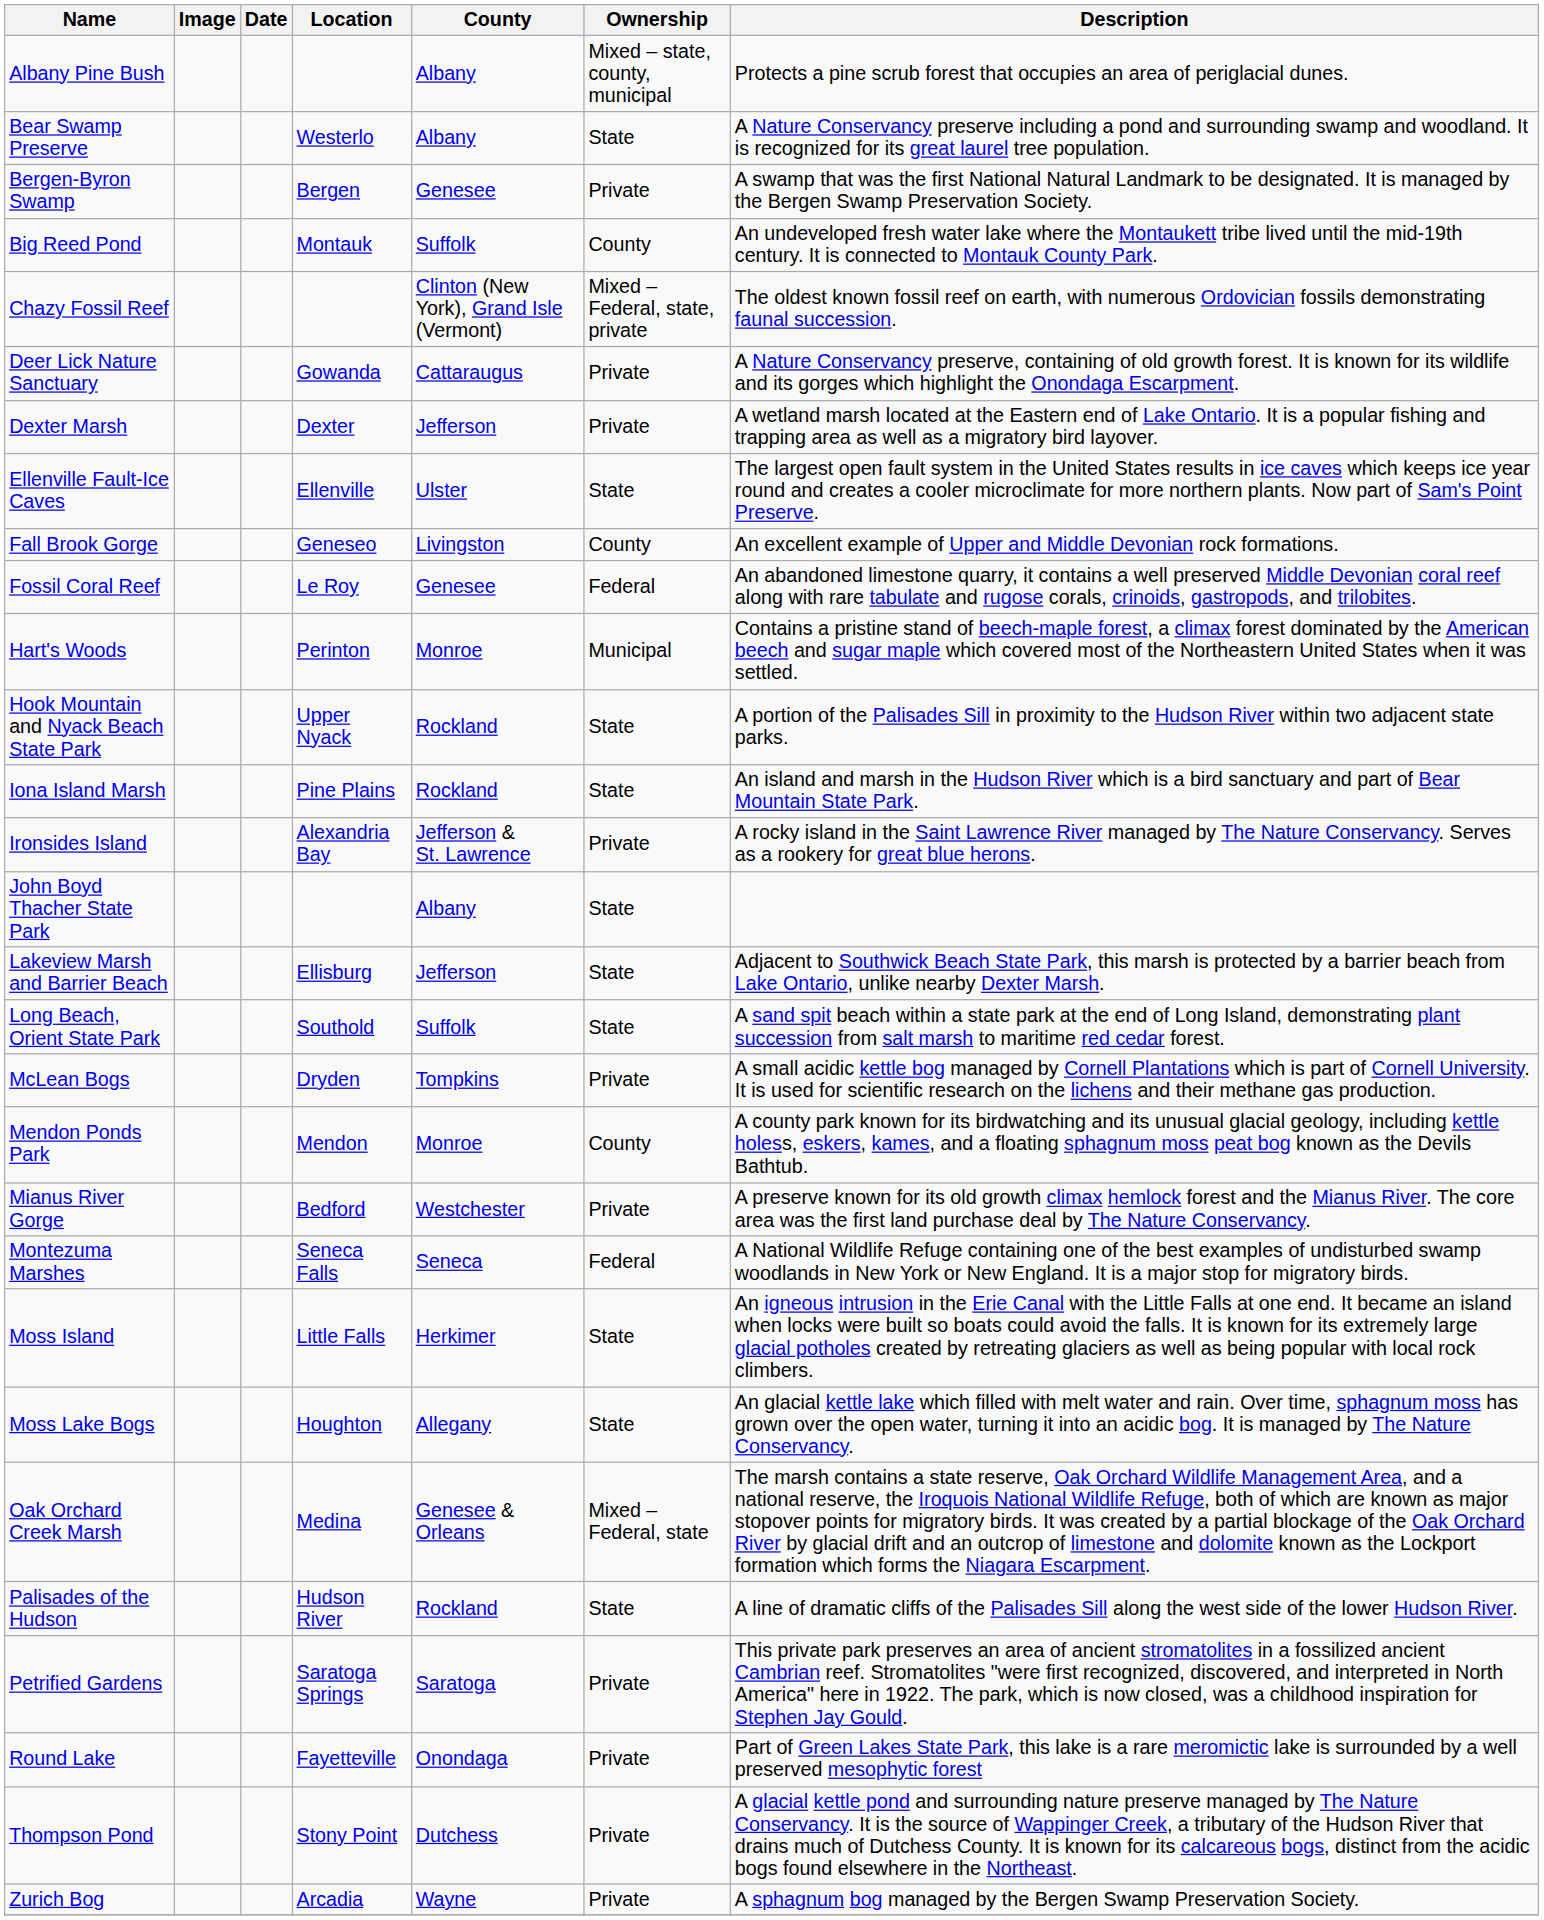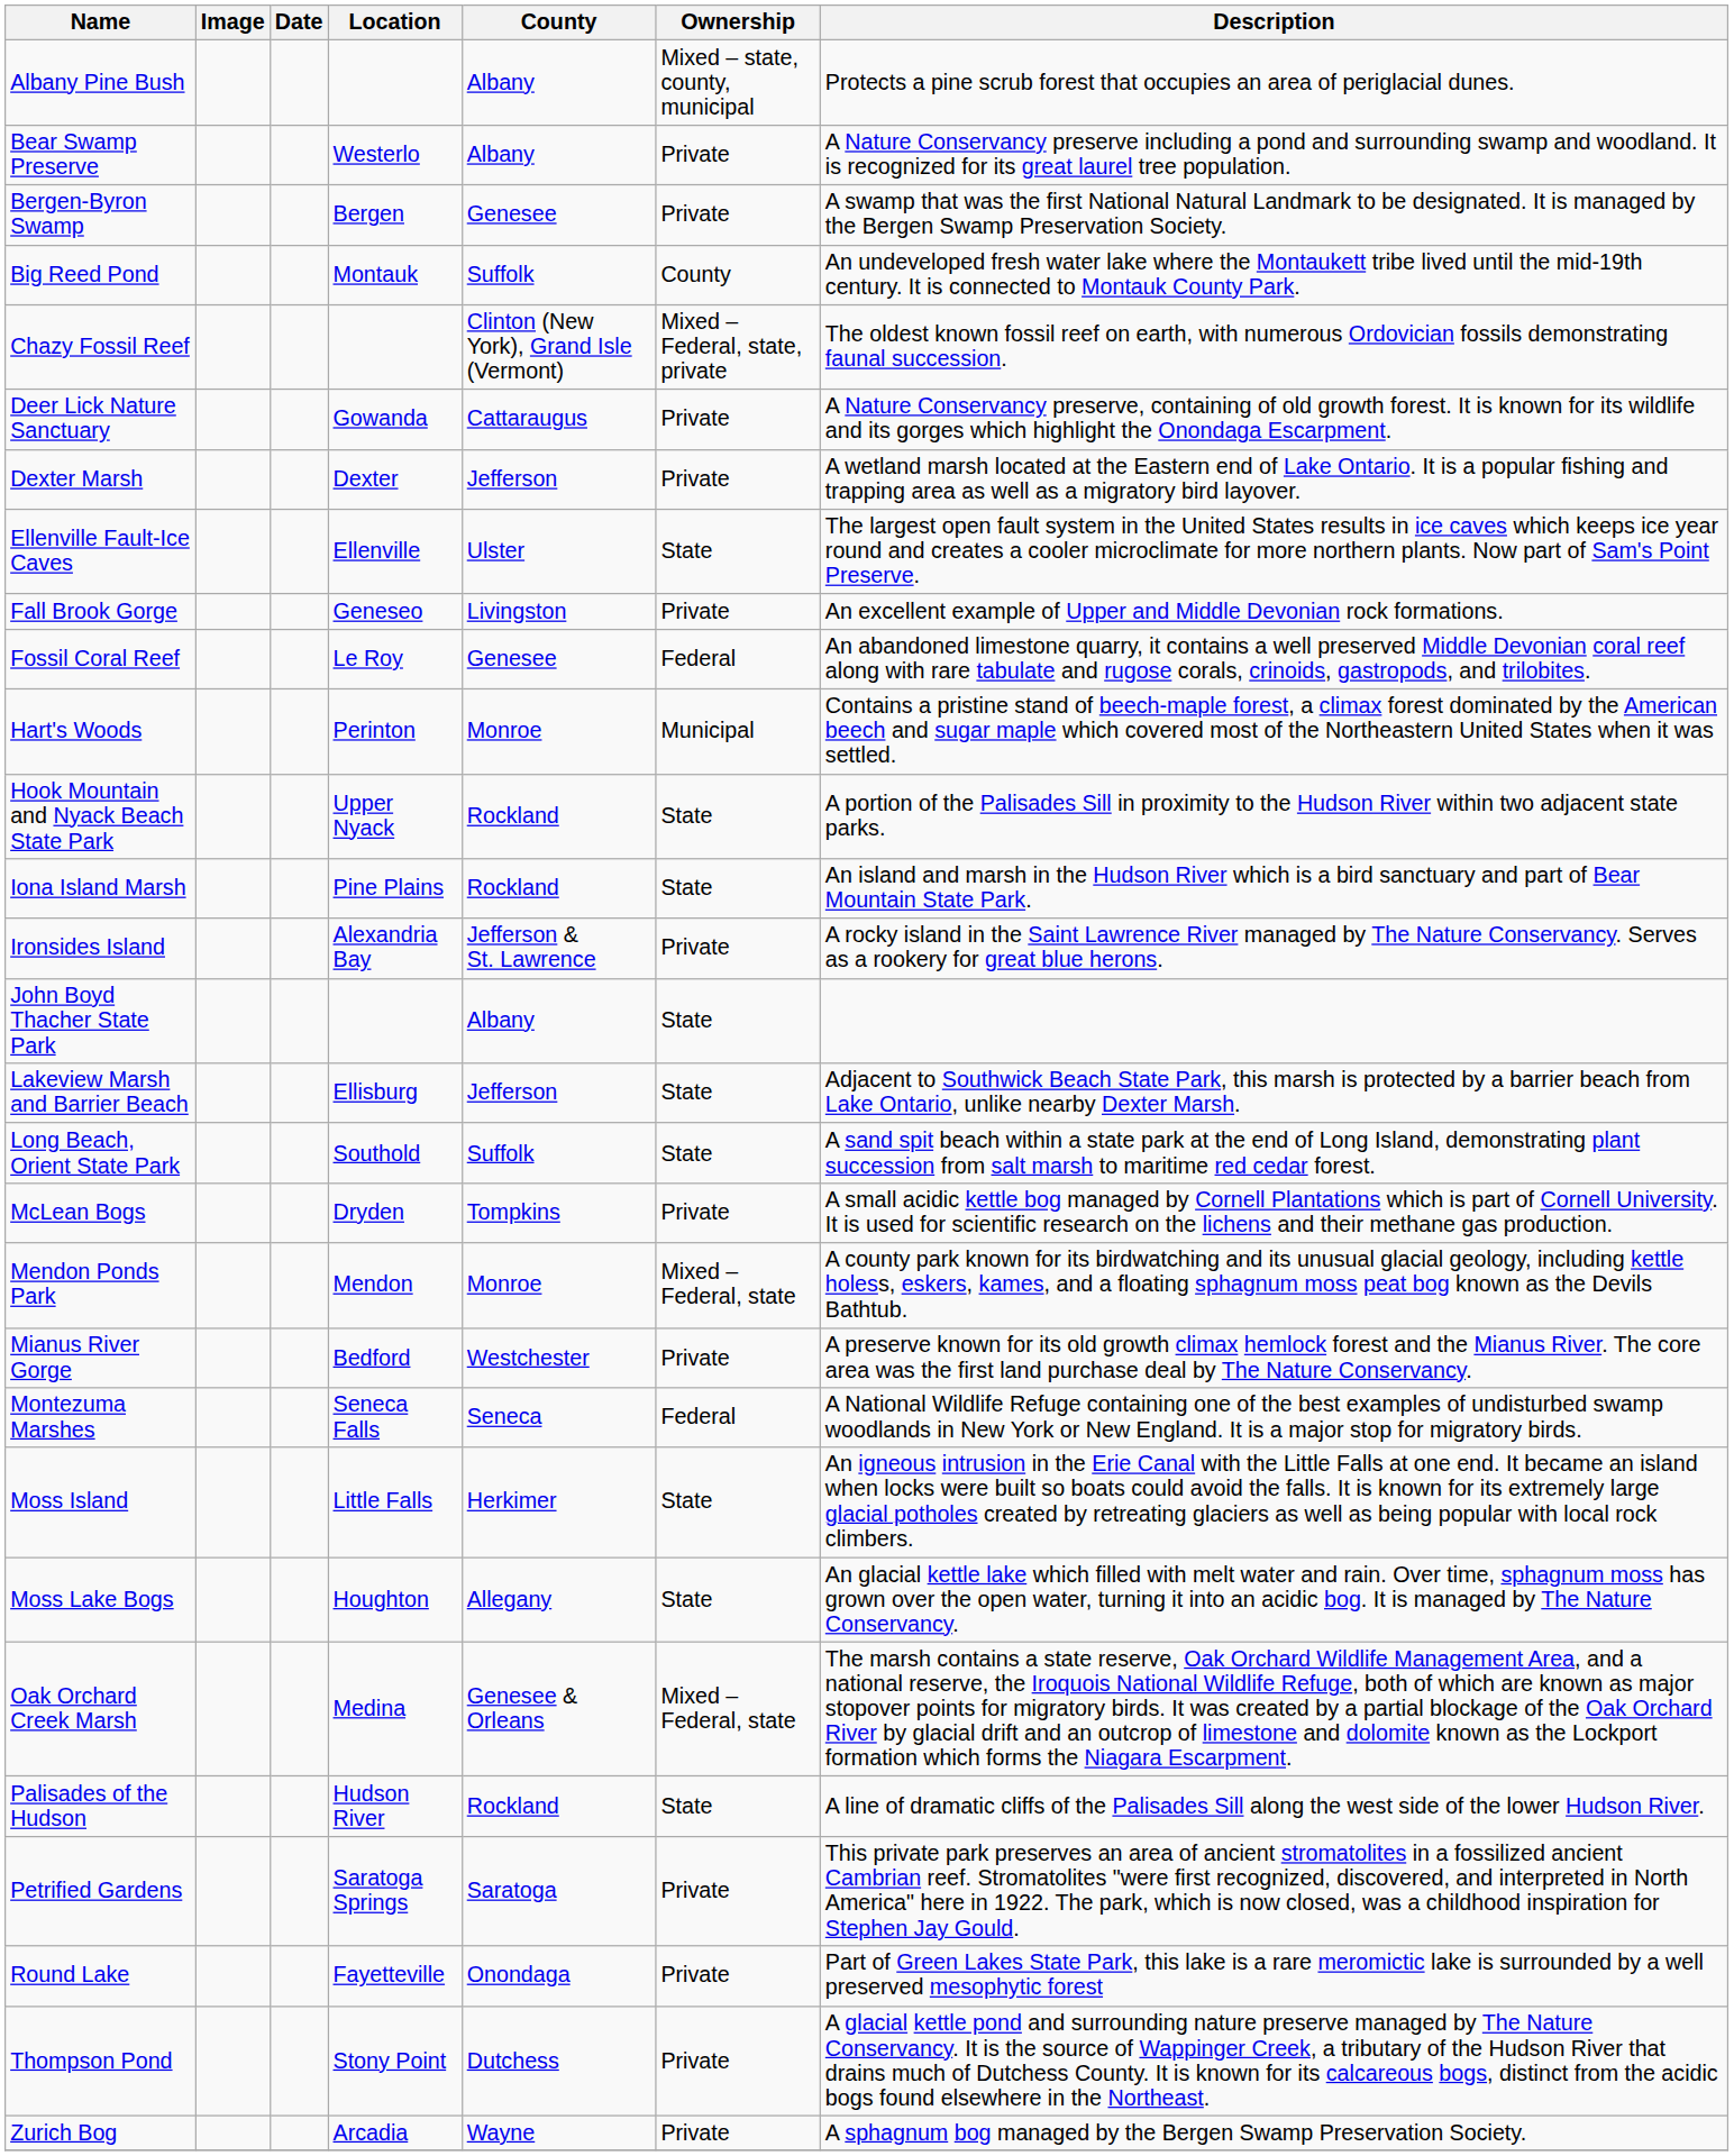 <table class="wikitable sortable" align="center">
 <tr>
 <th style="background-color:">Name</th>
 <th style="background-color:">Image</th>
 <th style="background-color:">Date</th>
 <th style="background-color:">Location</th>
 <th style="background-color:">County</th>
 <th style="background-color:">Ownership</th>
 <th style="background-color:">Description</th>
 </tr>
 <tr>
 <td><a href='#'>Albany Pine Bush</a></td>
 <td></td>
 <td></td>
 <td></td>
 <td><a href='#'>Albany</a></td>
 <td>Mixed – state, county, municipal</td>
 <td>Protects a pine scrub forest that occupies an area of periglacial dunes.</td>
 </tr>
 <tr>
 <td><a href='#'>Bear Swamp Preserve</a></td>
 <td></td>
 <td></td>
 <td><a href='#'>Westerlo</a> <small></small></td>
 <td><a href='#'>Albany</a></td>
-<td>State</td>
+<td>Private</td>
 <td>A  <a href='#'>Nature Conservancy</a> preserve including a pond and surrounding swamp and woodland. It is recognized for its <a href='#'>great laurel</a> tree population.</td>
 </tr>
 <tr>
 <td><a href='#'>Bergen-Byron Swamp</a></td>
 <td></td>
 <td></td>
 <td><a href='#'>Bergen</a> <small></small></td>
 <td><a href='#'>Genesee</a></td>
 <td>Private</td>
 <td>A  swamp that was the first National Natural Landmark to be designated.  It is managed by the Bergen Swamp Preservation Society.</td>
 </tr>
 <tr>
 <td><a href='#'>Big Reed Pond</a></td>
 <td></td>
 <td></td>
 <td><a href='#'>Montauk</a> <small></small></td>
 <td><a href='#'>Suffolk</a></td>
 <td>County</td>
 <td>An undeveloped fresh water lake where the <a href='#'>Montaukett</a> tribe lived until the mid-19th century.  It is connected to <a href='#'>Montauk County Park</a>.</td>
 </tr>
 <tr>
 <td><a href='#'>Chazy Fossil Reef</a></td>
 <td></td>
 <td></td>
 <td></td>
 <td><a href='#'>Clinton</a> (New York), <a href='#'>Grand Isle</a> (Vermont)</td>
 <td>Mixed – Federal, state, private</td>
 <td>The oldest known fossil reef on earth, with numerous <a href='#'>Ordovician</a> fossils demonstrating <a href='#'>faunal succession</a>.</td>
 </tr>
 <tr>
 <td><a href='#'>Deer Lick Nature Sanctuary</a></td>
 <td></td>
 <td></td>
 <td><a href='#'>Gowanda</a> <small></small></td>
 <td><a href='#'>Cattaraugus</a></td>
 <td>Private</td>
 <td>A  <a href='#'>Nature Conservancy</a> preserve, containing  of old growth forest.  It is known for its wildlife and its gorges which highlight the <a href='#'>Onondaga Escarpment</a>.</td>
 </tr>
 <tr>
 <td><a href='#'>Dexter Marsh</a></td>
 <td></td>
 <td></td>
 <td><a href='#'>Dexter</a> <small></small></td>
 <td><a href='#'>Jefferson</a></td>
 <td>Private</td>
 <td>A  wetland marsh located at the Eastern end of <a href='#'>Lake Ontario</a>.  It is a popular fishing and trapping area as well as a migratory bird layover.</td>
 </tr>
 <tr>
 <td><a href='#'>Ellenville Fault-Ice Caves</a></td>
 <td></td>
 <td></td>
 <td><a href='#'>Ellenville</a> <small></small></td>
 <td><a href='#'>Ulster</a></td>
 <td>State</td>
 <td>The largest open fault system in the United States results in <a href='#'>ice caves</a> which keeps ice year round and creates a cooler microclimate for more northern plants.  Now part of <a href='#'>Sam's Point Preserve</a>.</td>
 </tr>
 <tr>
 <td><a href='#'>Fall Brook Gorge</a></td>
 <td></td>
 <td></td>
 <td><a href='#'>Geneseo</a> <small></small></td>
 <td><a href='#'>Livingston</a></td>
-<td>County</td>
+<td>Private</td>
 <td>An excellent example of <a href='#'>Upper and Middle Devonian</a> rock formations.</td>
 </tr>
 <tr>
 <td><a href='#'>Fossil Coral Reef</a></td>
 <td></td>
 <td></td>
 <td><a href='#'>Le Roy</a></td>
 <td><a href='#'>Genesee</a></td>
 <td>Federal</td>
 <td>An abandoned limestone quarry, it contains a well preserved <a href='#'>Middle Devonian</a> <a href='#'>coral reef</a> along with rare <a href='#'>tabulate</a> and <a href='#'>rugose</a> corals, <a href='#'>crinoids</a>, <a href='#'>gastropods</a>, and <a href='#'>trilobites</a>.</td>
 </tr>
 <tr>
 <td><a href='#'>Hart's Woods</a></td>
 <td></td>
 <td></td>
 <td><a href='#'>Perinton</a> <small></small></td>
 <td><a href='#'>Monroe</a></td>
 <td>Municipal</td>
 <td>Contains a pristine stand of <a href='#'>beech-maple forest</a>, a <a href='#'>climax</a> forest dominated by the <a href='#'>American beech</a> and <a href='#'>sugar maple</a> which covered most of the Northeastern United States when it was settled.</td>
 </tr>
 <tr>
 <td><a href='#'>Hook Mountain</a> and <a href='#'>Nyack Beach State Park</a></td>
 <td></td>
 <td></td>
 <td><a href='#'>Upper Nyack</a> <small></small></td>
 <td><a href='#'>Rockland</a></td>
 <td>State</td>
 <td>A portion of the <a href='#'>Palisades Sill</a> in proximity to the <a href='#'>Hudson River</a> within two adjacent state parks.</td>
 </tr>
 <tr>
 <td><a href='#'>Iona Island Marsh</a></td>
 <td></td>
 <td></td>
 <td><a href='#'>Pine Plains</a> <small></small></td>
 <td><a href='#'>Rockland</a></td>
 <td>State</td>
 <td>An island and marsh in the <a href='#'>Hudson River</a> which is a bird sanctuary and part of <a href='#'>Bear Mountain State Park</a>.</td>
 </tr>
 <tr>
 <td><a href='#'>Ironsides Island</a></td>
 <td></td>
 <td></td>
 <td><a href='#'>Alexandria Bay</a> <small></small></td>
 <td><a href='#'>Jefferson</a> & <a href='#'>St. Lawrence</a></td>
 <td>Private</td>
 <td>A rocky island in the <a href='#'>Saint Lawrence River</a> managed by <a href='#'>The Nature Conservancy</a>. Serves as a rookery for <a href='#'>great blue herons</a>.</td>
 </tr>
 <tr>
 <td><a href='#'>John Boyd Thacher State Park</a></td>
 <td></td>
 <td></td>
 <td><small></small></td>
 <td><a href='#'>Albany</a></td>
 <td>State</td>
 <td></td>
 </tr>
 <tr>
 <td><a href='#'>Lakeview Marsh and Barrier Beach</a></td>
 <td></td>
 <td></td>
 <td><a href='#'>Ellisburg</a> <small></small></td>
 <td><a href='#'>Jefferson</a></td>
 <td>State</td>
 <td>Adjacent to <a href='#'>Southwick Beach State Park</a>, this  marsh is protected by a barrier beach from <a href='#'>Lake Ontario</a>, unlike nearby <a href='#'>Dexter Marsh</a>.</td>
 </tr>
 <tr>
 <td><a href='#'>Long Beach, Orient State Park</a></td>
 <td></td>
 <td></td>
 <td><a href='#'>Southold</a> <small></small></td>
 <td><a href='#'>Suffolk</a></td>
 <td>State</td>
 <td>A  <a href='#'>sand spit</a> beach within a state park at the end of Long Island, demonstrating <a href='#'>plant succession</a> from <a href='#'>salt marsh</a> to maritime <a href='#'>red cedar</a> forest.</td>
 </tr>
 <tr>
 <td><a href='#'>McLean Bogs</a></td>
 <td></td>
 <td></td>
 <td><a href='#'>Dryden</a></td>
 <td><a href='#'>Tompkins</a></td>
 <td>Private</td>
 <td>A small acidic <a href='#'>kettle bog</a> managed by <a href='#'>Cornell Plantations</a> which is part of <a href='#'>Cornell University</a>.  It is used for scientific research on the <a href='#'>lichens</a> and their methane gas production.</td>
 </tr>
 <tr>
 <td><a href='#'>Mendon Ponds Park</a></td>
 <td></td>
 <td></td>
 <td><a href='#'>Mendon</a> <small></small></td>
 <td><a href='#'>Monroe</a></td>
-<td>County</td>
+<td>Mixed – Federal, state</td>
 <td>A  county park known for its birdwatching and its unusual glacial geology, including <a href='#'>kettle holes</a>s, <a href='#'>eskers</a>, <a href='#'>kames</a>, and a floating <a href='#'>sphagnum moss</a> <a href='#'>peat bog</a> known as the Devils Bathtub.</td>
 </tr>
 <tr>
 <td><a href='#'>Mianus River Gorge</a></td>
 <td></td>
 <td></td>
 <td><a href='#'>Bedford</a> <small></small></td>
 <td><a href='#'>Westchester</a></td>
 <td>Private</td>
 <td>A preserve known for its old growth <a href='#'>climax</a> <a href='#'>hemlock</a> forest and the <a href='#'>Mianus River</a>. The core area was the first land purchase deal by <a href='#'>The Nature Conservancy</a>.</td>
 </tr>
 <tr>
 <td><a href='#'>Montezuma Marshes</a></td>
 <td></td>
 <td></td>
 <td><a href='#'>Seneca Falls</a> <small></small></td>
 <td><a href='#'>Seneca</a></td>
 <td>Federal</td>
 <td>A  National Wildlife Refuge containing one of the best examples of undisturbed swamp woodlands in New York or New England.  It is a major stop for migratory birds.</td>
 </tr>
 <tr>
 <td><a href='#'>Moss Island</a></td>
 <td></td>
 <td></td>
 <td><a href='#'>Little Falls</a> <small></small></td>
 <td><a href='#'>Herkimer</a></td>
 <td>State</td>
 <td>An <a href='#'>igneous</a> <a href='#'>intrusion</a> in the <a href='#'>Erie Canal</a> with the Little Falls at one end. It became an island when locks were built so boats could avoid the  falls. It is known for its extremely large  <a href='#'>glacial potholes</a> created by retreating glaciers as well as being popular with local rock climbers.</td>
 </tr>
 <tr>
 <td><a href='#'>Moss Lake Bogs</a></td>
 <td></td>
 <td></td>
 <td><a href='#'>Houghton</a> <small></small></td>
 <td><a href='#'>Allegany</a></td>
 <td>State</td>
 <td>An  glacial <a href='#'>kettle lake</a> which filled with melt water and rain. Over time, <a href='#'>sphagnum moss</a> has grown over the open water, turning it into an acidic <a href='#'>bog</a>.  It is managed by <a href='#'>The Nature Conservancy</a>.</td>
 </tr>
 <tr>
 <td><a href='#'>Oak Orchard Creek Marsh</a></td>
 <td></td>
 <td></td>
 <td><a href='#'>Medina</a> <small></small></td>
 <td><a href='#'>Genesee</a> & <a href='#'>Orleans</a></td>
 <td>Mixed – Federal, state</td>
 <td>The marsh contains a state reserve, <a href='#'>Oak Orchard Wildlife Management Area</a>, and a national reserve, the <a href='#'>Iroquois National Wildlife Refuge</a>, both of which are known as major stopover points for migratory birds.  It was created by a partial blockage of the <a href='#'>Oak Orchard River</a> by glacial drift and an outcrop of <a href='#'>limestone</a> and <a href='#'>dolomite</a> known as the Lockport formation which forms the <a href='#'>Niagara Escarpment</a>.</td>
 </tr>
 <tr>
 <td><a href='#'>Palisades of the Hudson</a></td>
 <td></td>
 <td></td>
 <td><a href='#'>Hudson River</a> <small></small></td>
 <td><a href='#'>Rockland</a></td>
 <td>State</td>
 <td>A line of dramatic  cliffs of the <a href='#'>Palisades Sill</a> along the west side of the lower <a href='#'>Hudson River</a>.</td>
 </tr>
 <tr>
 <td><a href='#'>Petrified Gardens</a></td>
 <td></td>
 <td></td>
 <td><a href='#'>Saratoga Springs</a> <small></small></td>
 <td><a href='#'>Saratoga</a></td>
 <td>Private</td>
 <td>This private park preserves an area of ancient <a href='#'>stromatolites</a> in a fossilized ancient <a href='#'>Cambrian</a> reef.  Stromatolites "were first recognized, discovered, and interpreted in North America" here in 1922.  The park, which is now closed, was a childhood inspiration for <a href='#'>Stephen Jay Gould</a>.</td>
 </tr>
 <tr>
 <td><a href='#'>Round Lake</a></td>
 <td></td>
 <td></td>
 <td><a href='#'>Fayetteville</a> <small></small></td>
 <td><a href='#'>Onondaga</a></td>
 <td>Private</td>
 <td>Part of <a href='#'>Green Lakes State Park</a>, this lake is a rare <a href='#'>meromictic</a> lake is surrounded by a well preserved <a href='#'>mesophytic forest</a></td>
 </tr>
 <tr>
 <td><a href='#'>Thompson Pond</a></td>
 <td></td>
 <td></td>
 <td><a href='#'>Stony Point</a> <small></small></td>
 <td><a href='#'>Dutchess</a></td>
 <td>Private</td>
 <td>A  <a href='#'>glacial</a> <a href='#'>kettle pond</a> and surrounding  nature preserve managed by <a href='#'>The Nature Conservancy</a>. It is the source of <a href='#'>Wappinger Creek</a>, a tributary of the Hudson River that drains much of Dutchess County. It is known for its <a href='#'>calcareous</a> <a href='#'>bogs</a>, distinct from the acidic bogs found elsewhere in the <a href='#'>Northeast</a>.</td>
 </tr>
 <tr>
 <td><a href='#'>Zurich Bog</a></td>
 <td></td>
 <td></td>
 <td><a href='#'>Arcadia</a> <small></small></td>
 <td><a href='#'>Wayne</a></td>
 <td>Private</td>
 <td>A <a href='#'>sphagnum</a> <a href='#'>bog</a> managed by the Bergen Swamp Preservation Society.</td>
 </tr>
 <tr>
 </tr>
 </table>
